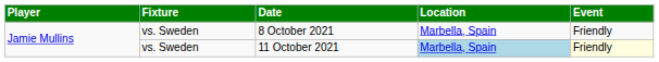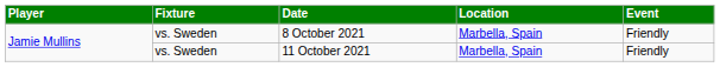 <table class="wikitable" style="width:75%;">
 <tr>
 <th style="background:green; color:white; text-align:left;">Player</th>
 <th style="background:green; color:white; text-align:left;">Fixture</th>
 <th style="background:green; color:white; text-align:left;">Date</th>
 <th style="background:green; color:white; text-align:left;">Location</th>
 <th style="background:green; color:white; text-align:left;">Event</th>
 </tr>
 <tr>
 <td rowspan="2"><a href='#'>Jamie Mullins</a></td>
 <td>vs.  Sweden</td>
 <td>8 October 2021</td>
 <td><a href='#'>Marbella, Spain</a></td>
 <td>Friendly</td>
 </tr>
 <tr>
 <td>vs.  Sweden</td>
 <td>11 October 2021</td>
-<td style="background: lightblue;"><a href='#'>Marbella, Spain</a></td>
-<td style="background: lightyellow;">Friendly</td>
+<td><a href='#'>Marbella, Spain</a></td>
+<td>Friendly</td>
 </tr>
 </table>
